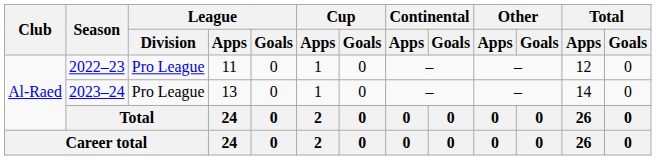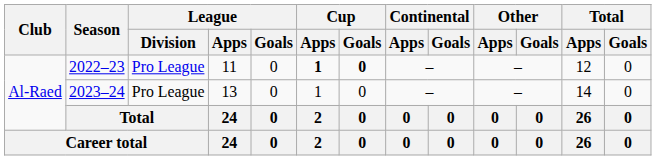 <table class="wikitable" style="text-align: center">
 <tr>
 <th rowspan="2">Club</th>
 <th rowspan="2">Season</th>
 <th colspan="3">League</th>
 <th colspan="2">Cup</th>
 <th colspan="2">Continental</th>
 <th colspan="2">Other</th>
 <th colspan="2">Total</th>
 </tr>
 <tr>
 <th>Division</th>
 <th>Apps</th>
 <th>Goals</th>
 <th>Apps</th>
 <th>Goals</th>
 <th>Apps</th>
 <th>Goals</th>
 <th>Apps</th>
 <th>Goals</th>
 <th>Apps</th>
 <th>Goals</th>
 </tr>
 <tr>
 <td rowspan="3"><a href='#'>Al-Raed</a></td>
 <td><a href='#'>2022–23</a></td>
 <td><a href='#'>Pro League</a></td>
 <td>11</td>
 <td>0</td>
-<td>1</td>
-<td>0</td>
+<td><strong>1</strong></td>
+<td><strong>0</strong></td>
 <td colspan="2">–</td>
 <td colspan="2">–</td>
 <td>12</td>
 <td>0</td>
 </tr>
 <tr>
 <td><a href='#'>2023–24</a></td>
 <td>Pro League</td>
 <td>13</td>
 <td>0</td>
 <td>1</td>
 <td>0</td>
 <td colspan="2">–</td>
 <td colspan="2">–</td>
 <td>14</td>
 <td>0</td>
 </tr>
 <tr>
 <th colspan=2>Total</th>
 <th>24</th>
 <th>0</th>
 <th>2</th>
 <th>0</th>
 <th>0</th>
 <th>0</th>
 <th>0</th>
 <th>0</th>
 <th>26</th>
 <th>0</th>
 </tr>
 <tr>
 <th colspan=3>Career total</th>
 <th>24</th>
 <th>0</th>
 <th>2</th>
 <th>0</th>
 <th>0</th>
 <th>0</th>
 <th>0</th>
 <th>0</th>
 <th>26</th>
 <th>0</th>
 </tr>
 </table>
